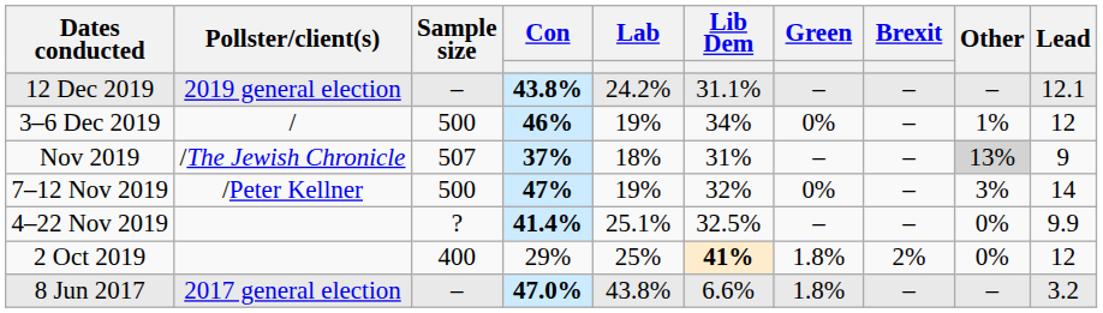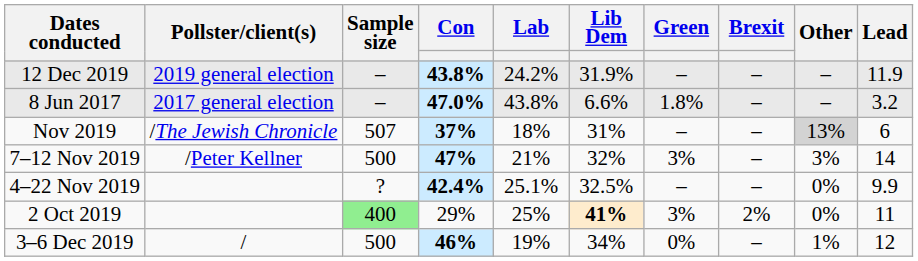 <table class="wikitable sortable mw-datatable" style="text-align:center;line-height:14px;">
 <tr>
 <th rowspan="2">Dates<br>conducted</th>
 <th rowspan="2">Pollster/client(s)</th>
 <th rowspan="2" data-sort-type="number">Sample<br>size</th>
 <th class="unsortable" style="width:50px;"><a href='#'>Con</a></th>
 <th class="unsortable" style="width:50px;"><a href='#'>Lab</a></th>
 <th class="unsortable" style="width:50px;"><a href='#'>Lib Dem</a></th>
 <th class="unsortable" style="width:50px;"><a href='#'>Green</a></th>
 <th class="unsortable" style="width:50px;"><a href='#'>Brexit</a></th>
 <th rowspan="2" class="unsortable">Other</th>
 <th rowspan="2" data-sort-type="number">Lead</th>
 </tr>
 <tr>
 <th data-sort-type="number" style="background:"></th>
 <th data-sort-type="number" style="background:"></th>
 <th data-sort-type="number" style="background:"></th>
 <th data-sort-type="number" style="background:"></th>
 <th data-sort-type="number" style="background:"></th>
 </tr>
 <tr style="background:#E9E9E9;">
 <td data-sort-value="2017-06-08">12 Dec 2019</td>
 <td><a href='#'>2019 general election</a></td>
 <td>–</td>
 <td style="background:#CCEBFF;"><strong>43.8%</strong></td>
 <td>24.2%</td>
-<td>31.1%</td>
+<td>31.9%</td>
 <td>–</td>
 <td>–</td>
 <td>–</td>
-<td style="background:">12.1</td>
+<td style="background:">11.9</td>
+</tr>
+<tr style="background:#E9E9E9;">
+<td data-sort-value="2017-06-08">8 Jun 2017</td>
+<td><a href='#'>2017 general election</a></td>
+<td>–</td>
+<td style="background:#CCEBFF;"><strong>47.0%</strong></td>
+<td>43.8%</td>
+<td>6.6%</td>
+<td>1.8%</td>
+<td>–</td>
+<td>–</td>
+<td style="background:">3.2</td>
+</tr>
+<tr>
+<td data-sort-value="2019-11-29">Nov 2019</td>
+<td>/<em><a href='#'>The Jewish Chronicle</a></em></td>
+<td>507</td>
+<td style="background:#CCEBFF;"><strong>37%</strong></td>
+<td>18%</td>
+<td>31%</td>
+<td>–</td>
+<td>–</td>
+<td style="background: lightgrey;">13%</td>
+<td style="background:">6</td>
+</tr>
+<tr>
+<td data-sort-value="2019-11-16">7–12 Nov 2019</td>
+<td>/<a href='#'>Peter Kellner</a></td>
+<td>500</td>
+<td style="background:#CCEBFF;"><strong>47%</strong></td>
+<td>21%</td>
+<td>32%</td>
+<td>3%</td>
+<td>–</td>
+<td>3%</td>
+<td style="background:">14</td>
+</tr>
+<tr>
+<td data-sort-value="2019-11-16">4–22 Nov 2019</td>
+<td></td>
+<td>?</td>
+<td style="background:#CCEBFF;"><strong>42.4%</strong></td>
+<td>25.1%</td>
+<td>32.5%</td>
+<td>–</td>
+<td>–</td>
+<td>0%</td>
+<td style="background:">9.9</td>
+</tr>
+<tr>
+<td data-sort-value="2019-10-2">2 Oct 2019</td>
+<td></td>
+<td style="background: lightgreen;">400</td>
+<td>29%</td>
+<td>25%</td>
+<td style="background:#FEECCD;"><strong>41%</strong></td>
+<td>3%</td>
+<td>2%</td>
+<td>0%</td>
+<td style="background:">11</td>
 </tr>
 <tr>
 <td data-sort-value="2019-12-06">3–6 Dec 2019</td>
 <td>/</td>
 <td>500</td>
 <td style="background:#CCEBFF;"><strong>46%</strong></td>
 <td>19%</td>
 <td>34%</td>
 <td>0%</td>
 <td>–</td>
 <td>1%</td>
 <td style="background:">12</td>
 </tr>
-<tr>
-<td data-sort-value="2019-11-29">Nov 2019</td>
-<td>/<em><a href='#'>The Jewish Chronicle</a></em></td>
-<td>507</td>
-<td style="background:#CCEBFF;"><strong>37%</strong></td>
-<td>18%</td>
-<td>31%</td>
-<td>–</td>
-<td>–</td>
-<td style="background: lightgrey;">13%</td>
-<td style="background:">9</td>
-</tr>
-<tr>
-<td data-sort-value="2019-11-16">7–12 Nov 2019</td>
-<td>/<a href='#'>Peter Kellner</a></td>
-<td>500</td>
-<td style="background:#CCEBFF;"><strong>47%</strong></td>
-<td>19%</td>
-<td>32%</td>
-<td>0%</td>
-<td>–</td>
-<td>3%</td>
-<td style="background:">14</td>
-</tr>
-<tr>
-<td data-sort-value="2019-11-16">4–22 Nov 2019</td>
-<td></td>
-<td>?</td>
-<td style="background:#CCEBFF;"><strong>41.4%</strong></td>
-<td>25.1%</td>
-<td>32.5%</td>
-<td>–</td>
-<td>–</td>
-<td>0%</td>
-<td style="background:">9.9</td>
-</tr>
-<tr>
-<td data-sort-value="2019-10-2">2 Oct 2019</td>
-<td></td>
-<td>400</td>
-<td>29%</td>
-<td>25%</td>
-<td style="background:#FEECCD;"><strong>41%</strong></td>
-<td>1.8%</td>
-<td>2%</td>
-<td>0%</td>
-<td style="background:">12</td>
-</tr>
-<tr style="background:#E9E9E9;">
-<td data-sort-value="2017-06-08">8 Jun 2017</td>
-<td><a href='#'>2017 general election</a></td>
-<td>–</td>
-<td style="background:#CCEBFF;"><strong>47.0%</strong></td>
-<td>43.8%</td>
-<td>6.6%</td>
-<td>1.8%</td>
-<td>–</td>
-<td>–</td>
-<td style="background:">3.2</td>
-</tr>
 </table>
